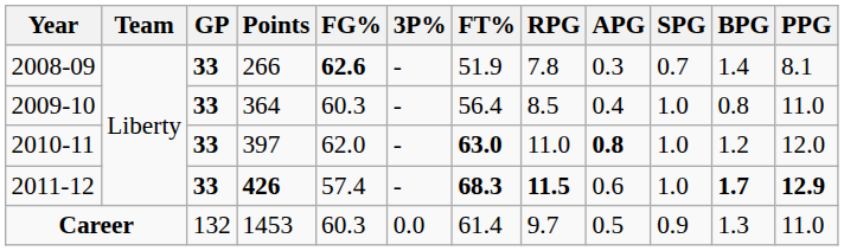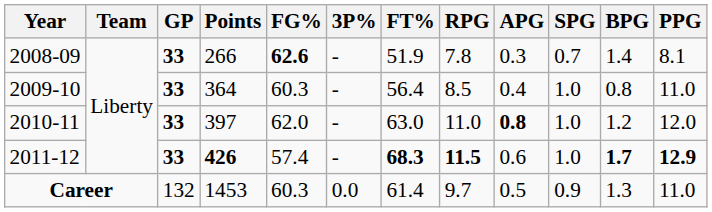 <table class="wikitable sortable">
 <tr>
 <th>Year</th>
 <th>Team</th>
 <th>GP</th>
 <th>Points</th>
 <th>FG%</th>
 <th>3P%</th>
 <th>FT%</th>
 <th>RPG</th>
 <th>APG</th>
 <th>SPG</th>
 <th>BPG</th>
 <th>PPG</th>
 </tr>
 <tr>
 <td>2008-09</td>
 <td rowspan=4>Liberty</td>
 <td><strong>33</strong></td>
 <td>266</td>
 <td><strong>62.6</strong></td>
 <td>-</td>
 <td>51.9</td>
 <td>7.8</td>
 <td>0.3</td>
 <td>0.7</td>
 <td>1.4</td>
 <td>8.1</td>
 </tr>
 <tr>
 <td>2009-10</td>
 <td><strong>33</strong></td>
 <td>364</td>
 <td>60.3</td>
 <td>-</td>
 <td>56.4</td>
 <td>8.5</td>
 <td>0.4</td>
 <td>1.0</td>
 <td>0.8</td>
 <td>11.0</td>
 </tr>
 <tr>
 <td>2010-11</td>
 <td><strong>33</strong></td>
 <td>397</td>
 <td>62.0</td>
 <td>-</td>
-<td><strong>63.0</strong></td>
+<td>63.0</td>
 <td>11.0</td>
 <td><strong>0.8</strong></td>
 <td>1.0</td>
 <td>1.2</td>
 <td>12.0</td>
 </tr>
 <tr>
 <td>2011-12</td>
 <td><strong>33</strong></td>
 <td><strong>426</strong></td>
 <td>57.4</td>
 <td>-</td>
 <td><strong>68.3</strong></td>
 <td><strong>11.5</strong></td>
 <td>0.6</td>
 <td>1.0</td>
 <td><strong>1.7</strong></td>
 <td><strong>12.9</strong></td>
 </tr>
 <tr class="sortbottom">
 <td colspan=2 align=center><strong>Career</strong></td>
 <td>132</td>
 <td>1453</td>
 <td>60.3</td>
 <td>0.0</td>
 <td>61.4</td>
 <td>9.7</td>
 <td>0.5</td>
 <td>0.9</td>
 <td>1.3</td>
 <td>11.0</td>
 </tr>
 </table>
